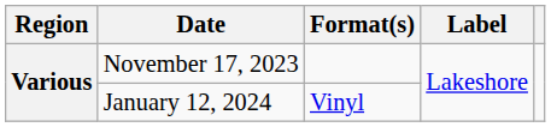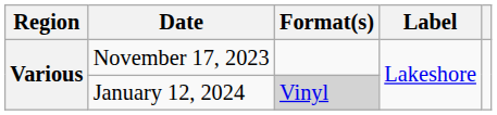 <table class="wikitable plainrowheaders">
 <tr>
 <th scope="col">Region</th>
 <th scope="col">Date</th>
 <th scope="col">Format(s)</th>
 <th scope="col">Label</th>
 <th scope="col"></th>
 </tr>
 <tr>
 <th scope="row" rowspan="2">Various</th>
 <td>November 17, 2023</td>
 <td></td>
 <td rowspan="2"><a href='#'>Lakeshore</a></td>
 <td rowspan="2" align="center"><br></td>
 </tr>
 <tr>
 <td>January 12, 2024</td>
-<td><a href='#'>Vinyl</a></td>
+<td style="background: lightgrey;"><a href='#'>Vinyl</a></td>
 </tr>
 </table>
